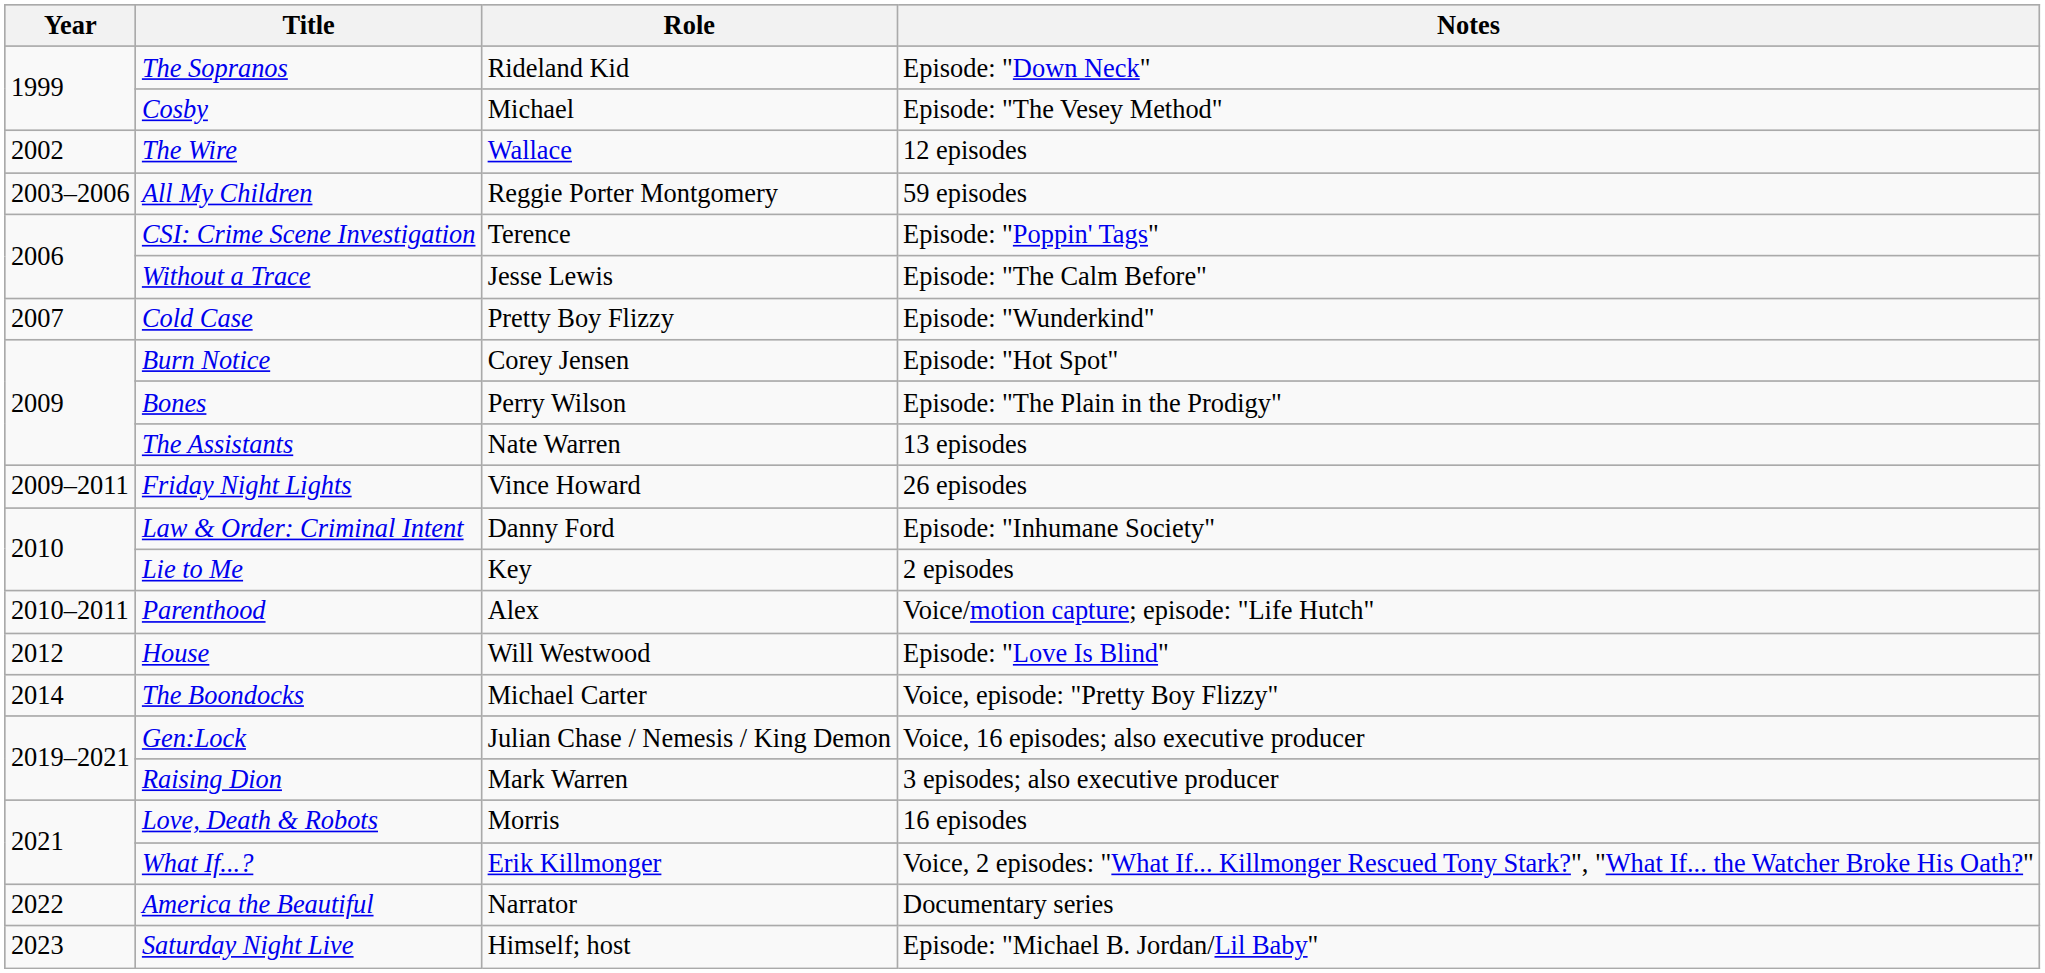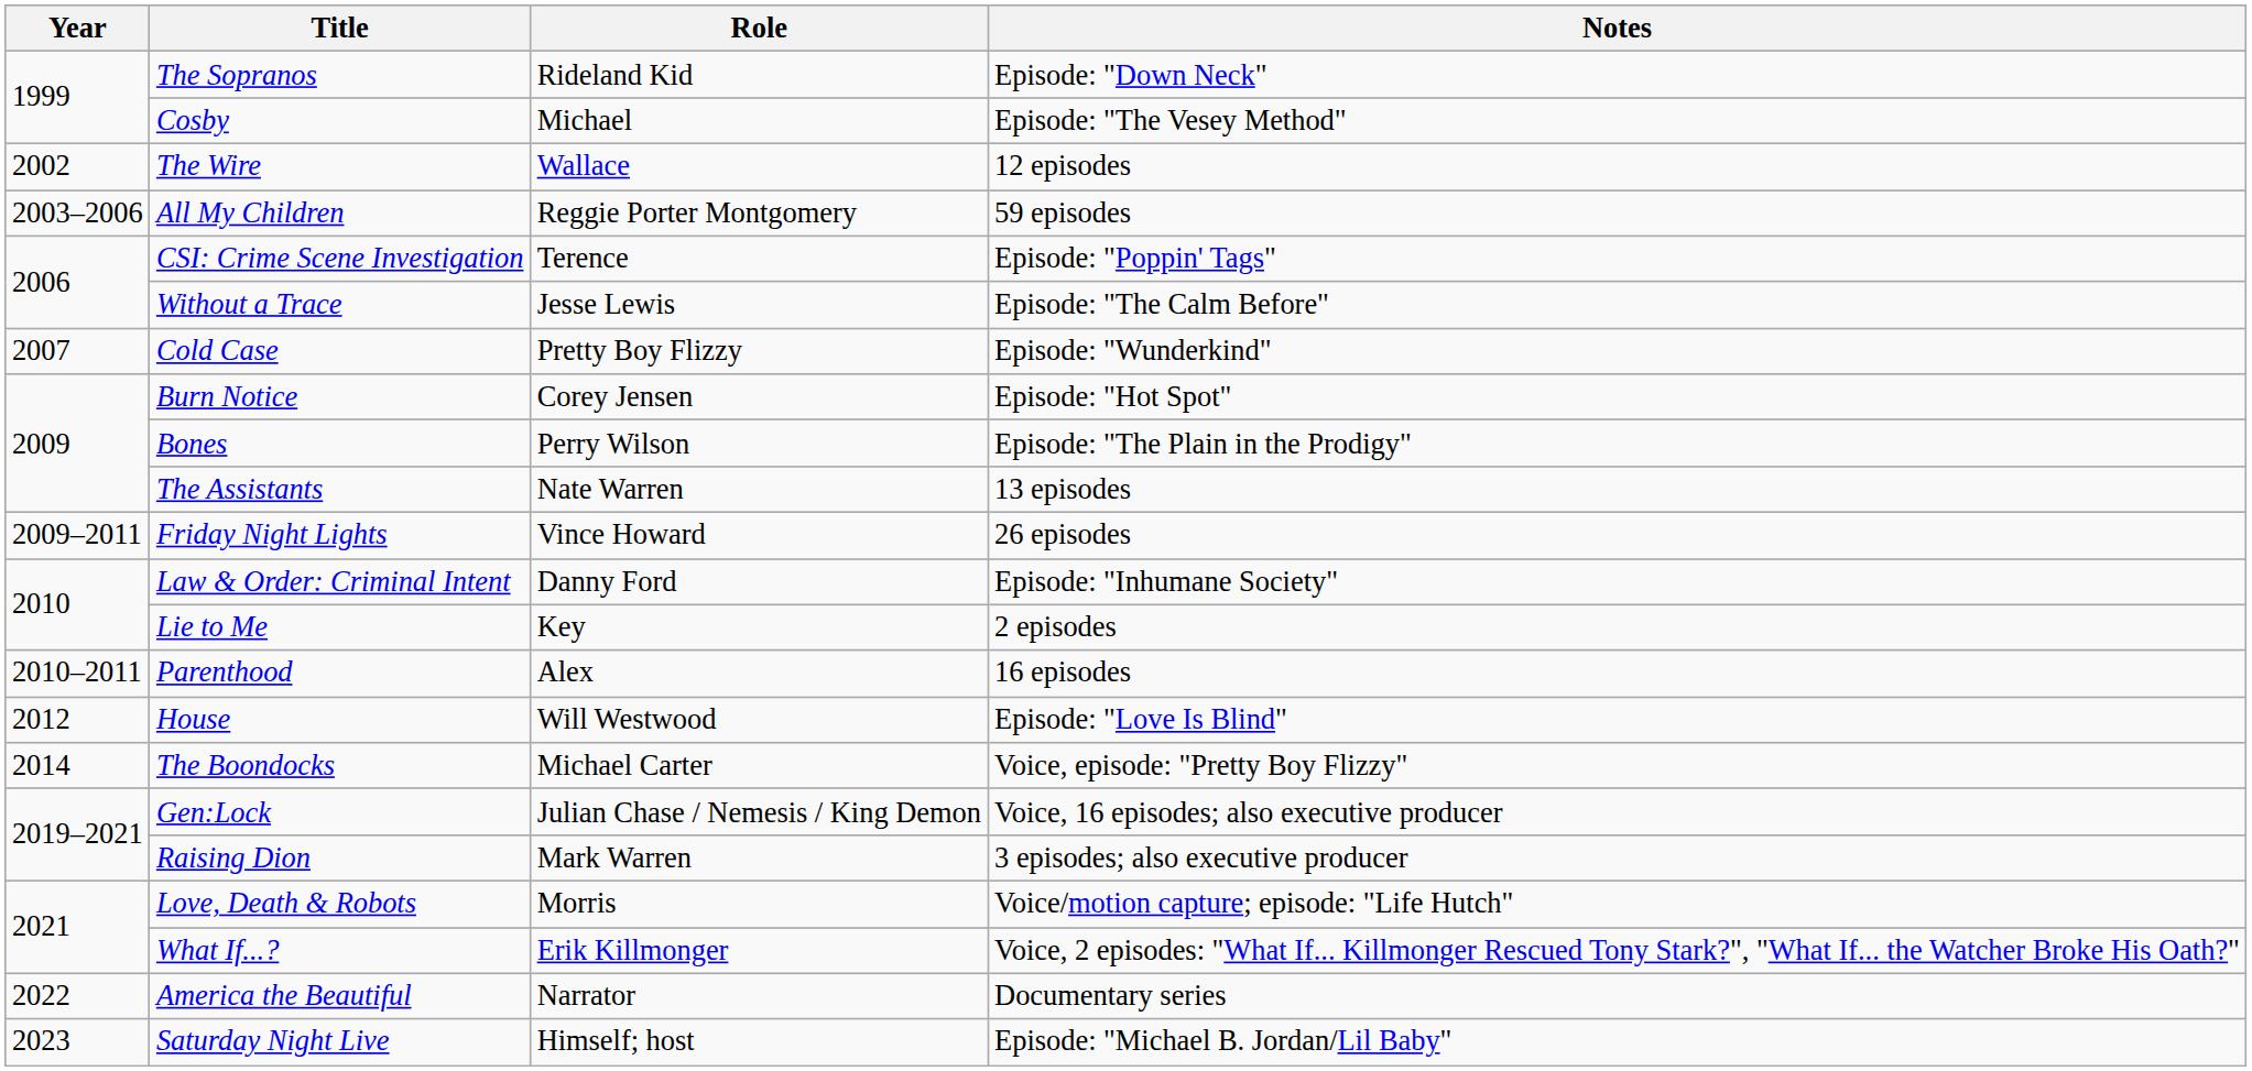 <table class="wikitable sortable">
 <tr>
 <th>Year</th>
 <th>Title</th>
 <th>Role</th>
 <th class=unsortable>Notes</th>
 </tr>
 <tr>
 <td rowspan="2">1999</td>
 <td><em><a href='#'>The Sopranos</a></em></td>
 <td>Rideland Kid</td>
 <td>Episode: "<a href='#'>Down Neck</a>"</td>
 </tr>
 <tr>
 <td><em><a href='#'>Cosby</a></em></td>
 <td>Michael</td>
 <td>Episode: "The Vesey Method"</td>
 </tr>
 <tr>
 <td>2002</td>
 <td><em><a href='#'>The Wire</a></em></td>
 <td><a href='#'>Wallace</a></td>
 <td>12 episodes</td>
 </tr>
 <tr>
 <td>2003–2006</td>
 <td><em><a href='#'>All My Children</a></em></td>
 <td>Reggie Porter Montgomery</td>
 <td>59 episodes</td>
 </tr>
 <tr>
 <td rowspan="2">2006</td>
 <td><em><a href='#'>CSI: Crime Scene Investigation</a></em></td>
 <td>Terence</td>
 <td>Episode: "<a href='#'>Poppin' Tags</a>"</td>
 </tr>
 <tr>
 <td><em><a href='#'>Without a Trace</a></em></td>
 <td>Jesse Lewis</td>
 <td>Episode: "The Calm Before"</td>
 </tr>
 <tr>
 <td>2007</td>
 <td><em><a href='#'>Cold Case</a></em></td>
 <td>Pretty Boy Flizzy</td>
 <td>Episode: "Wunderkind"</td>
 </tr>
 <tr>
 <td rowspan="3">2009</td>
 <td><em><a href='#'>Burn Notice</a></em></td>
 <td>Corey Jensen</td>
 <td>Episode: "Hot Spot"</td>
 </tr>
 <tr>
 <td><em><a href='#'>Bones</a></em></td>
 <td>Perry Wilson</td>
 <td>Episode: "The Plain in the Prodigy"</td>
 </tr>
 <tr>
 <td><em><a href='#'>The Assistants</a></em></td>
 <td>Nate Warren</td>
 <td>13 episodes</td>
 </tr>
 <tr>
 <td>2009–2011</td>
 <td><em><a href='#'>Friday Night Lights</a></em></td>
 <td>Vince Howard</td>
 <td>26 episodes</td>
 </tr>
 <tr>
 <td rowspan="2">2010</td>
 <td><em><a href='#'>Law & Order: Criminal Intent</a></em></td>
 <td>Danny Ford</td>
 <td>Episode: "Inhumane Society"</td>
 </tr>
 <tr>
 <td><em><a href='#'>Lie to Me</a></em></td>
 <td>Key</td>
 <td>2 episodes</td>
 </tr>
 <tr>
 <td>2010–2011</td>
 <td><em><a href='#'>Parenthood</a></em></td>
 <td>Alex</td>
-<td>Voice/<a href='#'>motion capture</a>; episode: "Life Hutch"</td>
+<td>16 episodes</td>
 </tr>
 <tr>
 <td>2012</td>
 <td><em><a href='#'>House</a></em></td>
 <td>Will Westwood</td>
 <td>Episode: "<a href='#'>Love Is Blind</a>"</td>
 </tr>
 <tr>
 <td>2014</td>
 <td><em><a href='#'>The Boondocks</a></em></td>
 <td>Michael Carter</td>
 <td>Voice, episode: "Pretty Boy Flizzy"</td>
 </tr>
 <tr>
 <td rowspan="2">2019–2021</td>
 <td><em><a href='#'>Gen:Lock</a></em></td>
 <td>Julian Chase / Nemesis / King Demon</td>
 <td>Voice, 16 episodes; also executive producer</td>
 </tr>
 <tr>
 <td><em><a href='#'>Raising Dion</a></em></td>
 <td>Mark Warren</td>
 <td>3 episodes; also executive producer</td>
 </tr>
 <tr>
 <td rowspan="2">2021</td>
 <td><em><a href='#'>Love, Death & Robots</a></em></td>
 <td>Morris</td>
-<td>16 episodes</td>
+<td>Voice/<a href='#'>motion capture</a>; episode: "Life Hutch"</td>
 </tr>
 <tr>
 <td><em><a href='#'>What If...?</a></em></td>
 <td><a href='#'>Erik Killmonger</a></td>
 <td>Voice, 2 episodes: "<a href='#'>What If... Killmonger Rescued Tony Stark?</a>", "<a href='#'>What If... the Watcher Broke His Oath?</a>"</td>
 </tr>
 <tr>
 <td>2022</td>
 <td><em><a href='#'>America the Beautiful</a></em></td>
 <td>Narrator</td>
 <td>Documentary series</td>
 </tr>
 <tr>
 <td>2023</td>
 <td><em><a href='#'>Saturday Night Live</a></em></td>
 <td>Himself; host</td>
 <td>Episode: "Michael B. Jordan/<a href='#'>Lil Baby</a>"</td>
 </tr>
 </table>
